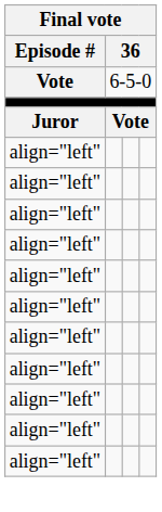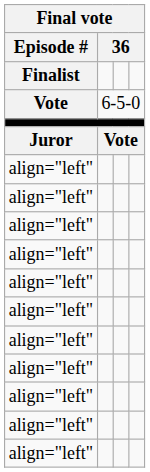 <table class="wikitable nowrap" style="text-align:center; font-size:100%">
 <tr>
 <th colspan="4">Final vote</th>
 </tr>
 <tr>
 <th>Episode #</th>
 <th colspan="3">36</th>
+</tr>
+<tr>
+<th>Finalist</th>
+<td></td>
+<td></td>
+<td></td>
 </tr>
 <tr>
 <th>Vote</th>
 <td colspan="3">6-5-0</td>
 </tr>
 <tr>
 <td colspan="4" bgcolor="black"></td>
 </tr>
 <tr>
 <th>Juror</th>
 <th colspan="3">Vote</th>
 </tr>
 <tr>
 <td>align="left" </td>
 <td></td>
 <td></td>
 <td></td>
 </tr>
 <tr>
 <td>align="left" </td>
 <td></td>
 <td></td>
 <td></td>
 </tr>
 <tr>
 <td>align="left" </td>
 <td></td>
 <td></td>
 <td></td>
 </tr>
 <tr>
 <td>align="left" </td>
 <td></td>
 <td></td>
 <td></td>
 </tr>
 <tr>
 <td>align="left" </td>
 <td></td>
 <td></td>
 <td></td>
 </tr>
 <tr>
 <td>align="left"</td>
 <td></td>
 <td></td>
 <td></td>
 </tr>
 <tr>
 <td>align="left" </td>
 <td></td>
 <td></td>
 <td></td>
 </tr>
 <tr>
 <td>align="left" </td>
 <td></td>
 <td></td>
 <td></td>
 </tr>
 <tr>
 <td>align="left" </td>
 <td></td>
 <td></td>
 <td></td>
 </tr>
 <tr>
 <td>align="left" </td>
 <td></td>
 <td></td>
 <td></td>
 </tr>
 <tr>
 <td>align="left" </td>
 <td></td>
 <td></td>
 <td></td>
 </tr>
 </table>
